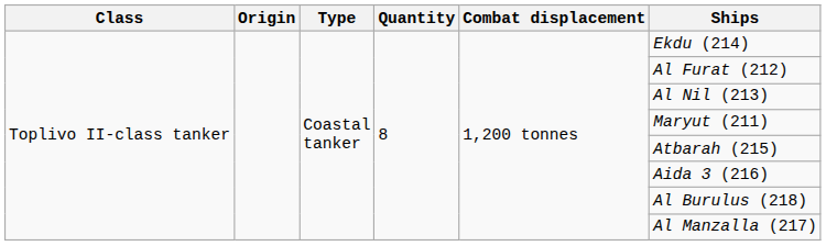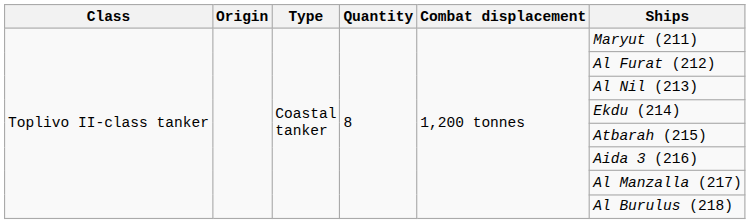 <table class="wikitable">
 <tr>
 <th>Class</th>
 <th>Origin</th>
 <th>Type</th>
 <th>Quantity</th>
 <th>Combat displacement</th>
 <th>Ships</th>
 </tr>
 <tr>
 <td rowspan="8">Toplivo II-class tanker</td>
 <td rowspan="8"></td>
 <td rowspan="8">Coastal<br>tanker</td>
 <td rowspan="8">8</td>
 <td rowspan="8">1,200 tonnes</td>
-<td><em>Ekdu</em> (214)</td>
+<td><em>Maryut</em> (211)</td>
 </tr>
 <tr>
 <td><em>Al Furat</em> (212)</td>
 </tr>
 <tr>
 <td><em>Al Nil</em> (213)</td>
 </tr>
 <tr>
-<td><em>Maryut</em> (211)</td>
+<td><em>Ekdu</em> (214)</td>
 </tr>
 <tr>
 <td><em>Atbarah</em> (215)</td>
 </tr>
 <tr>
 <td><em>Aida 3</em> (216)</td>
 </tr>
 <tr>
+<td><em>Al Manzalla</em> (217)</td>
+</tr>
+<tr>
 <td><em>Al Burulus</em> (218)</td>
 </tr>
-<tr>
-<td><em>Al Manzalla</em> (217)</td>
-</tr>
 </table>
